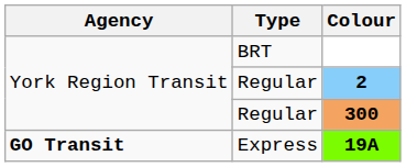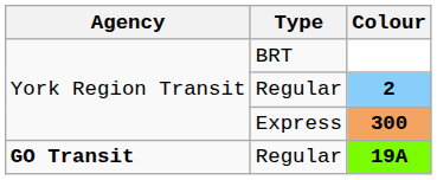 <table class="wikitable">
 <tr>
 <th style="text-align: center; font-weight: bold;">Agency</th>
 <th style="text-align: center; font-weight: bold;">Type</th>
 <th style="text-align: center; font-weight: bold;">Colour</th>
 </tr>
 <tr>
 <td rowspan="3">York Region Transit</td>
 <td>BRT</td>
 <th style="font-weight: bold; background:white; text-align: center"></th>
 </tr>
 <tr>
 <td>Regular</td>
 <th style="font-weight: bold; background:#87CEFA; text-align: center">2</th>
 </tr>
 <tr>
-<td>Regular</td>
+<td>Express</td>
 <th style="font-weight: bold; background:#F4A460; text-align: center">300</th>
 </tr>
 <tr>
 <td><strong>GO Transit</strong></td>
-<td>Express</td>
+<td>Regular</td>
 <th style="font-weight: bold; background:#7CFC00; text-align: center">19A</th>
 </tr>
 </table>
